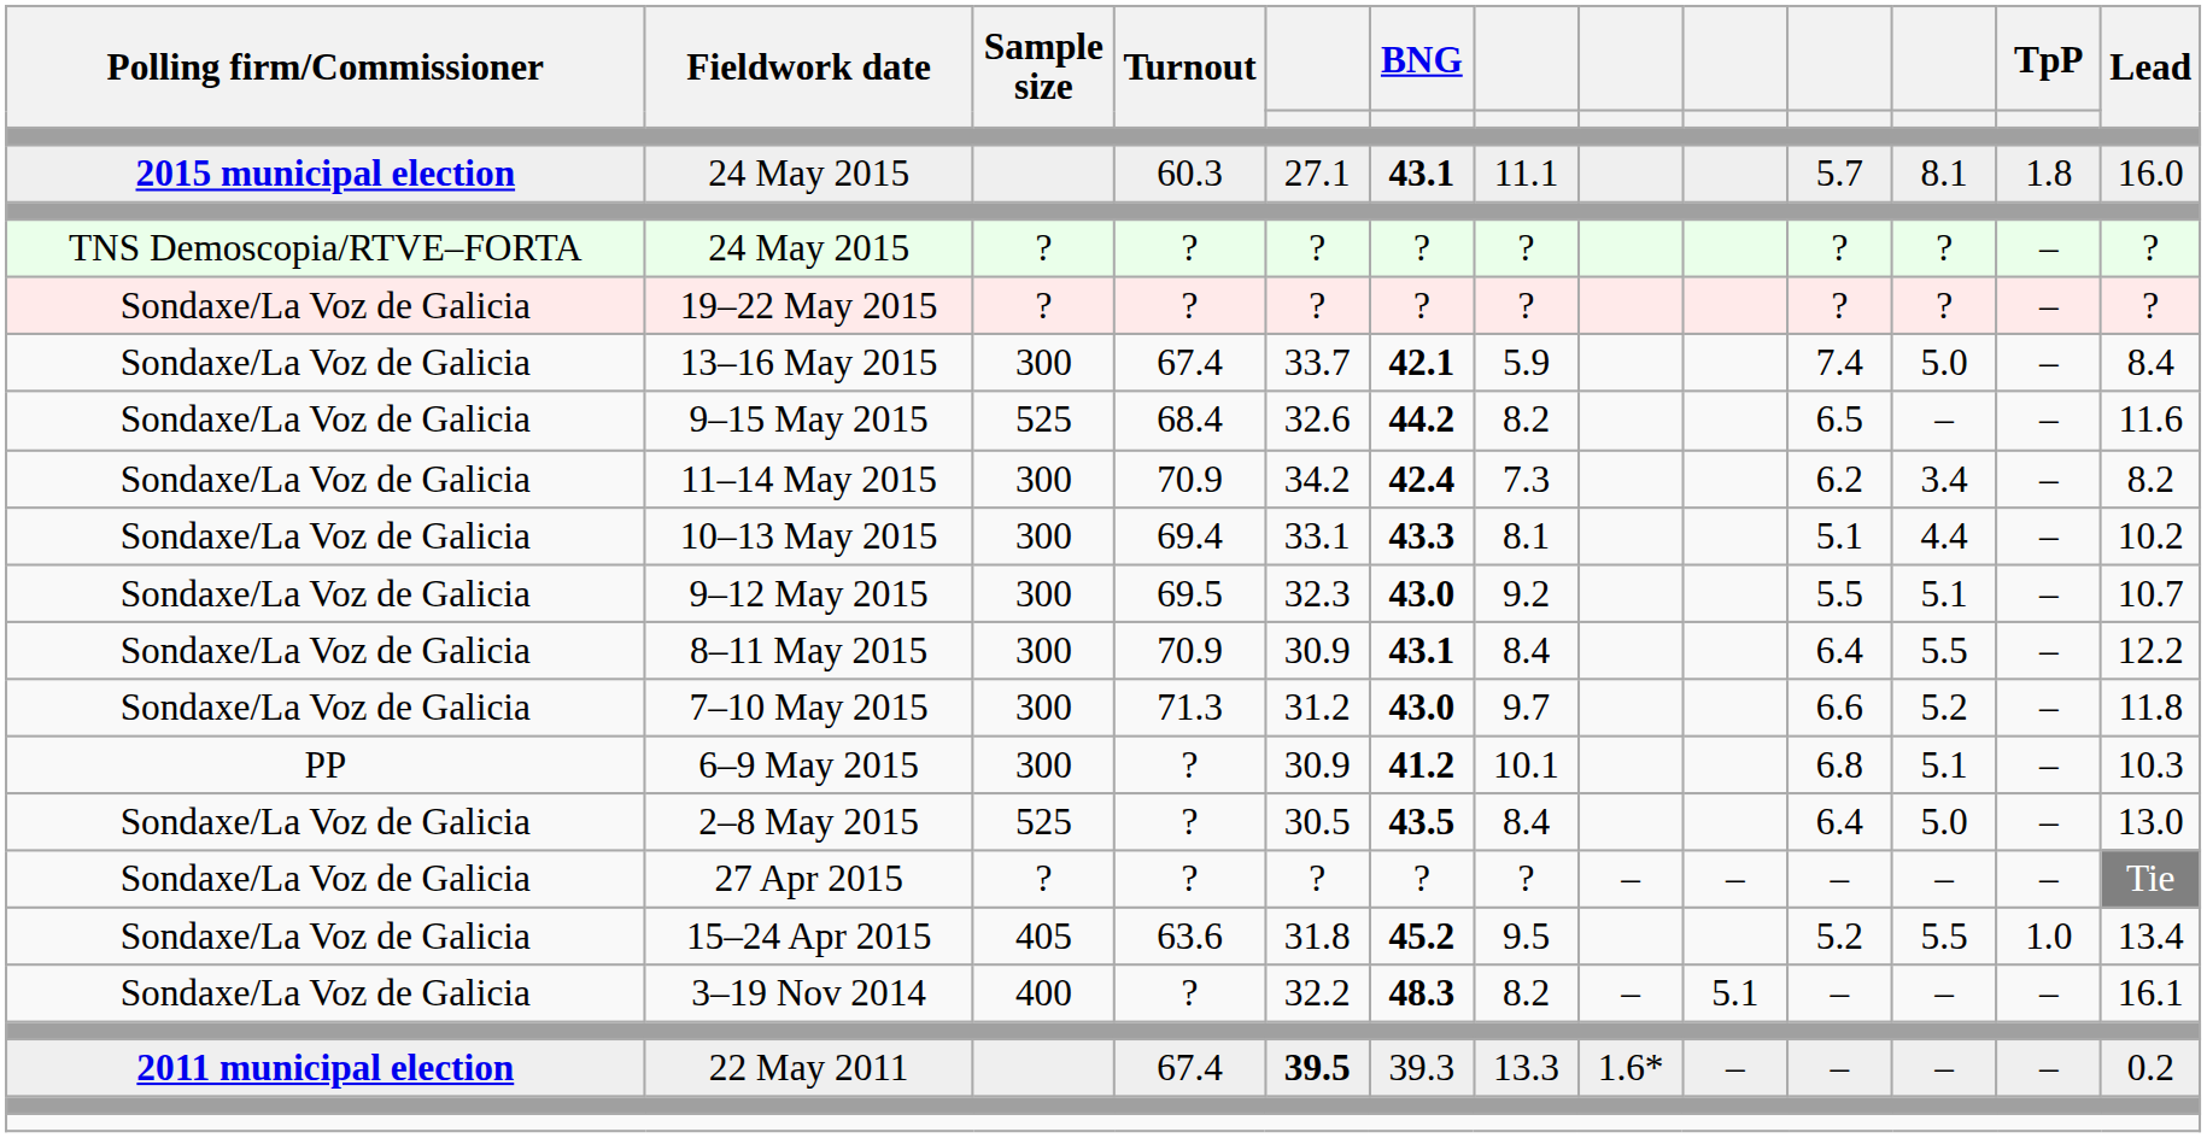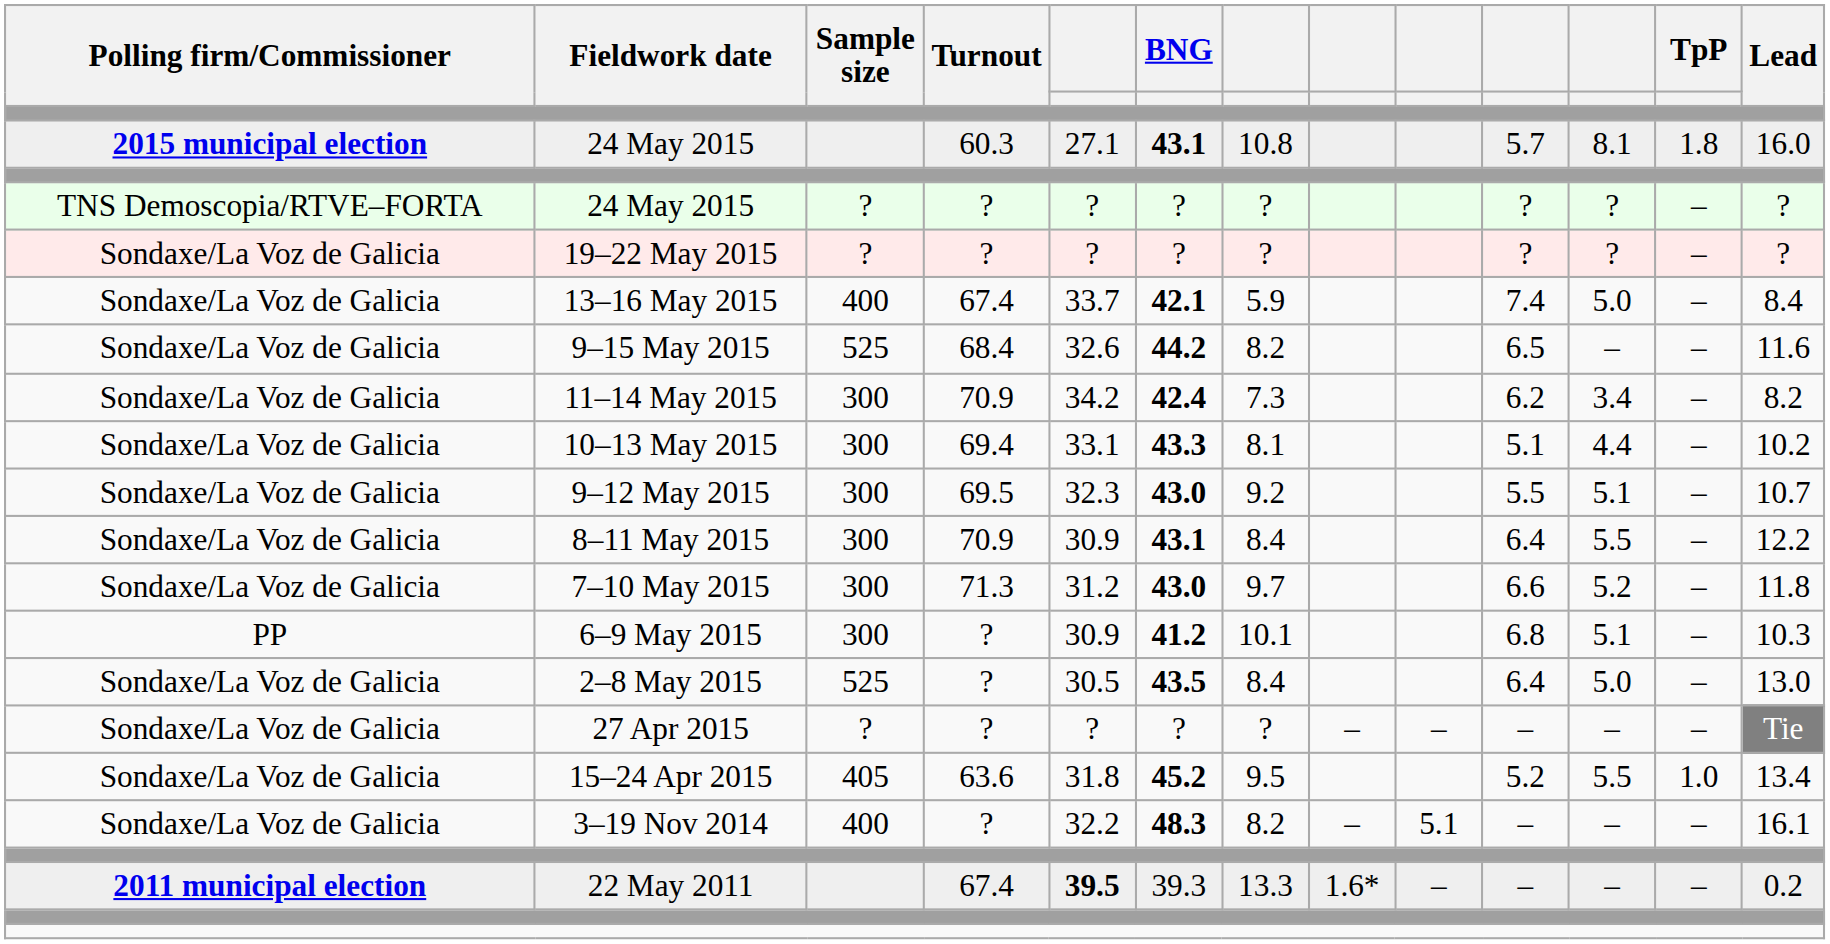 <table class="wikitable collapsible collapsed" style="text-align:center; font-size:95%; line-height:16px;">
 <tr style="height:42px;">
 <th style="width:250px;" rowspan="2">Polling firm/Commissioner</th>
 <th style="width:125px;" rowspan="2">Fieldwork date</th>
 <th style="width:50px;" rowspan="2">Sample size</th>
 <th style="width:45px;" rowspan="2">Turnout</th>
 <th style="width:35px;"></th>
 <th style="width:35px;"><a href='#'>BNG</a></th>
 <th style="width:35px;"></th>
 <th style="width:35px;"></th>
 <th style="width:35px;"></th>
 <th style="width:35px;"></th>
 <th style="width:35px;"></th>
 <th style="width:35px;">TpP</th>
 <th style="width:30px;" rowspan="2">Lead</th>
 </tr>
 <tr>
 <th style="color:inherit;background:"></th>
 <th style="color:inherit;background:"></th>
 <th style="color:inherit;background:"></th>
 <th style="color:inherit;background:"></th>
 <th style="color:inherit;background:"></th>
 <th style="color:inherit;background:"></th>
 <th style="color:inherit;background:"></th>
 <th style="color:inherit;background:"></th>
 </tr>
 <tr>
 <td colspan="13" style="background:#A0A0A0"></td>
 </tr>
 <tr style="background:#EFEFEF;">
 <td><strong><a href='#'>2015 municipal election</a></strong></td>
 <td>24 May 2015</td>
 <td></td>
 <td>60.3</td>
 <td>27.1<br></td>
 <td><strong>43.1</strong><br></td>
-<td>11.1<br></td>
+<td>10.8<br></td>
 <td></td>
 <td></td>
 <td>5.7<br></td>
 <td>8.1<br></td>
 <td>1.8<br></td>
 <td style="background:">16.0</td>
 </tr>
 <tr>
 <td colspan="13" style="background:#A0A0A0"></td>
 </tr>
 <tr style="background:#EAFFEA;">
 <td>TNS Demoscopia/RTVE–FORTA</td>
 <td>24 May 2015</td>
 <td>?</td>
 <td>?</td>
 <td>?<br></td>
 <td>?<br></td>
 <td>?<br></td>
 <td></td>
 <td></td>
 <td>?<br></td>
 <td>?<br></td>
 <td>–</td>
 <td style="background:">?</td>
 </tr>
 <tr style="background:#FFEAEA;">
 <td>Sondaxe/La Voz de Galicia</td>
 <td>19–22 May 2015</td>
 <td>?</td>
 <td>?</td>
 <td>?<br></td>
 <td>?<br></td>
 <td>?<br></td>
 <td></td>
 <td></td>
 <td>?<br></td>
 <td>?<br></td>
 <td>–</td>
 <td style="background:">?</td>
 </tr>
 <tr>
 <td>Sondaxe/La Voz de Galicia</td>
 <td>13–16 May 2015</td>
-<td>300</td>
+<td>400</td>
 <td>67.4</td>
 <td>33.7<br></td>
 <td><strong>42.1</strong><br></td>
 <td>5.9<br></td>
 <td></td>
 <td></td>
 <td>7.4<br></td>
 <td>5.0<br></td>
 <td>–</td>
 <td style="background:">8.4</td>
 </tr>
 <tr>
 <td>Sondaxe/La Voz de Galicia</td>
 <td>9–15 May 2015</td>
 <td>525</td>
 <td>68.4</td>
 <td>32.6<br></td>
 <td><strong>44.2</strong><br></td>
 <td>8.2<br></td>
 <td></td>
 <td></td>
 <td>6.5<br></td>
 <td>–</td>
 <td>–</td>
 <td style="background:">11.6</td>
 </tr>
 <tr>
 <td>Sondaxe/La Voz de Galicia</td>
 <td>11–14 May 2015</td>
 <td>300</td>
 <td>70.9</td>
 <td>34.2<br></td>
 <td><strong>42.4</strong><br></td>
 <td>7.3<br></td>
 <td></td>
 <td></td>
 <td>6.2<br></td>
 <td>3.4<br></td>
 <td>–</td>
 <td style="background:">8.2</td>
 </tr>
 <tr>
 <td>Sondaxe/La Voz de Galicia</td>
 <td>10–13 May 2015</td>
 <td>300</td>
 <td>69.4</td>
 <td>33.1<br></td>
 <td><strong>43.3</strong><br></td>
 <td>8.1<br></td>
 <td></td>
 <td></td>
 <td>5.1<br></td>
 <td>4.4<br></td>
 <td>–</td>
 <td style="background:">10.2</td>
 </tr>
 <tr>
 <td>Sondaxe/La Voz de Galicia</td>
 <td>9–12 May 2015</td>
 <td>300</td>
 <td>69.5</td>
 <td>32.3<br></td>
 <td><strong>43.0</strong><br></td>
 <td>9.2<br></td>
 <td></td>
 <td></td>
 <td>5.5<br></td>
 <td>5.1<br></td>
 <td>–</td>
 <td style="background:">10.7</td>
 </tr>
 <tr>
 <td>Sondaxe/La Voz de Galicia</td>
 <td>8–11 May 2015</td>
 <td>300</td>
 <td>70.9</td>
 <td>30.9<br></td>
 <td><strong>43.1</strong><br></td>
 <td>8.4<br></td>
 <td></td>
 <td></td>
 <td>6.4<br></td>
 <td>5.5<br></td>
 <td>–</td>
 <td style="background:">12.2</td>
 </tr>
 <tr>
 <td>Sondaxe/La Voz de Galicia</td>
 <td>7–10 May 2015</td>
 <td>300</td>
 <td>71.3</td>
 <td>31.2<br></td>
 <td><strong>43.0</strong><br></td>
 <td>9.7<br></td>
 <td></td>
 <td></td>
 <td>6.6<br></td>
 <td>5.2<br></td>
 <td>–</td>
 <td style="background:">11.8</td>
 </tr>
 <tr>
 <td>PP</td>
 <td>6–9 May 2015</td>
 <td>300</td>
 <td>?</td>
 <td>30.9<br></td>
 <td><strong>41.2</strong><br></td>
 <td>10.1<br></td>
 <td></td>
 <td></td>
 <td>6.8<br></td>
 <td>5.1<br></td>
 <td>–</td>
 <td style="background:">10.3</td>
 </tr>
 <tr>
 <td>Sondaxe/La Voz de Galicia</td>
 <td>2–8 May 2015</td>
 <td>525</td>
 <td>?</td>
 <td>30.5<br></td>
 <td><strong>43.5</strong><br></td>
 <td>8.4<br></td>
 <td></td>
 <td></td>
 <td>6.4<br></td>
 <td>5.0<br></td>
 <td>–</td>
 <td style="background:">13.0</td>
 </tr>
 <tr>
 <td>Sondaxe/La Voz de Galicia</td>
 <td>27 Apr 2015</td>
 <td>?</td>
 <td>?</td>
 <td>?<br></td>
 <td>?<br></td>
 <td>?<br></td>
 <td>–</td>
 <td>–</td>
 <td>–</td>
 <td>–</td>
 <td>–</td>
 <td style="background:gray; color:white;">Tie</td>
 </tr>
 <tr>
 <td>Sondaxe/La Voz de Galicia</td>
 <td>15–24 Apr 2015</td>
 <td>405</td>
 <td>63.6</td>
 <td>31.8<br></td>
 <td><strong>45.2</strong><br></td>
 <td>9.5<br></td>
 <td></td>
 <td></td>
 <td>5.2<br></td>
 <td>5.5<br></td>
 <td>1.0<br></td>
 <td style="background:">13.4</td>
 </tr>
 <tr>
 <td>Sondaxe/La Voz de Galicia</td>
 <td>3–19 Nov 2014</td>
 <td>400</td>
 <td>?</td>
 <td>32.2<br></td>
 <td><strong>48.3</strong><br></td>
 <td>8.2<br></td>
 <td>–</td>
 <td>5.1<br></td>
 <td>–</td>
 <td>–</td>
 <td>–</td>
 <td style="background:">16.1</td>
 </tr>
 <tr>
 <td colspan="13" style="background:#A0A0A0"></td>
 </tr>
 <tr style="background:#EFEFEF;">
 <td><strong><a href='#'>2011 municipal election</a></strong></td>
 <td>22 May 2011</td>
 <td></td>
 <td>67.4</td>
 <td><strong>39.5</strong><br></td>
 <td>39.3<br></td>
 <td>13.3<br></td>
 <td>1.6*<br></td>
 <td>–</td>
 <td>–</td>
 <td>–</td>
 <td>–</td>
 <td style="background:">0.2</td>
 </tr>
 <tr>
 <td colspan="13" style="background:#A0A0A0"></td>
 </tr>
 <tr>
 <td align="left" colspan="13"></td>
 </tr>
 </table>
